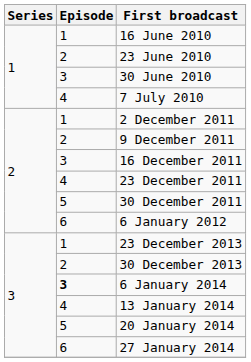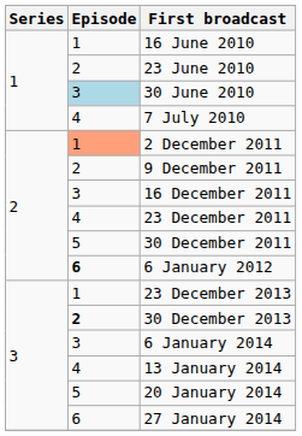 <table class="wikitable">
 <tr>
 <th>Series</th>
 <th>Episode</th>
 <th>First broadcast</th>
 </tr>
 <tr>
 <td rowspan="4">1</td>
 <td>1</td>
 <td>16 June 2010</td>
 </tr>
 <tr>
 <td>2</td>
 <td>23 June 2010</td>
 </tr>
 <tr>
-<td>3</td>
+<td style="background: lightblue;">3</td>
 <td>30 June 2010</td>
 </tr>
 <tr>
 <td>4</td>
 <td>7 July 2010</td>
 </tr>
 <tr>
 <td rowspan="6">2</td>
-<td>1</td>
+<td style="background: lightsalmon;">1</td>
 <td>2 December 2011</td>
 </tr>
 <tr>
 <td>2</td>
 <td>9 December 2011</td>
 </tr>
 <tr>
 <td>3</td>
 <td>16 December 2011</td>
 </tr>
 <tr>
 <td>4</td>
 <td>23 December 2011</td>
 </tr>
 <tr>
 <td>5</td>
 <td>30 December 2011</td>
 </tr>
 <tr>
-<td>6</td>
+<td><strong>6</strong></td>
 <td>6 January 2012</td>
 </tr>
 <tr>
 <td rowspan="6">3</td>
 <td>1</td>
 <td>23 December 2013</td>
 </tr>
 <tr>
-<td>2</td>
+<td><strong>2</strong></td>
 <td>30 December 2013</td>
 </tr>
 <tr>
-<td><strong>3</strong></td>
+<td>3</td>
 <td>6 January 2014</td>
 </tr>
 <tr>
 <td>4</td>
 <td>13 January 2014</td>
 </tr>
 <tr>
 <td>5</td>
 <td>20 January 2014</td>
 </tr>
 <tr>
 <td>6</td>
 <td>27 January 2014</td>
 </tr>
 <tr>
 </tr>
 </table>
